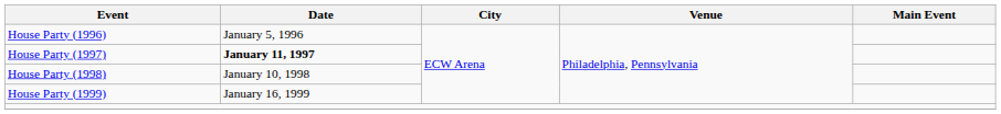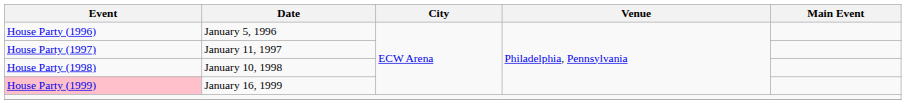 <table class="wikitable sortable" style="align: center" width=100%>
 <tr>
 <th>Event</th>
 <th>Date</th>
 <th>City</th>
 <th>Venue</th>
 <th>Main Event</th>
 </tr>
 <tr>
 <td><a href='#'>House Party (1996)</a></td>
 <td>January 5, 1996</td>
 <td rowspan="4"><a href='#'>ECW Arena</a></td>
 <td rowspan="4"><a href='#'>Philadelphia</a>, <a href='#'>Pennsylvania</a></td>
 <td></td>
 </tr>
 <tr>
 <td><a href='#'>House Party (1997)</a></td>
-<td><strong>January 11, 1997</strong></td>
+<td>January 11, 1997</td>
 <td></td>
 </tr>
 <tr>
 <td><a href='#'>House Party (1998)</a></td>
 <td>January 10, 1998</td>
 <td></td>
 </tr>
 <tr>
-<td><a href='#'>House Party (1999)</a></td>
+<td style="background: pink;"><a href='#'>House Party (1999)</a></td>
 <td>January 16, 1999</td>
 <td></td>
 </tr>
 <tr>
 <td colspan="10"></td>
 </tr>
 <tr>
 </tr>
 </table>
